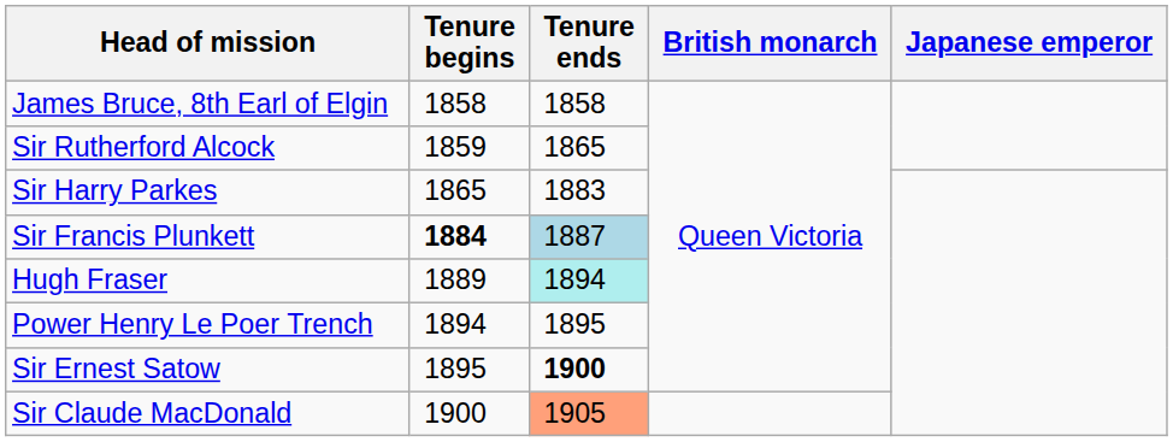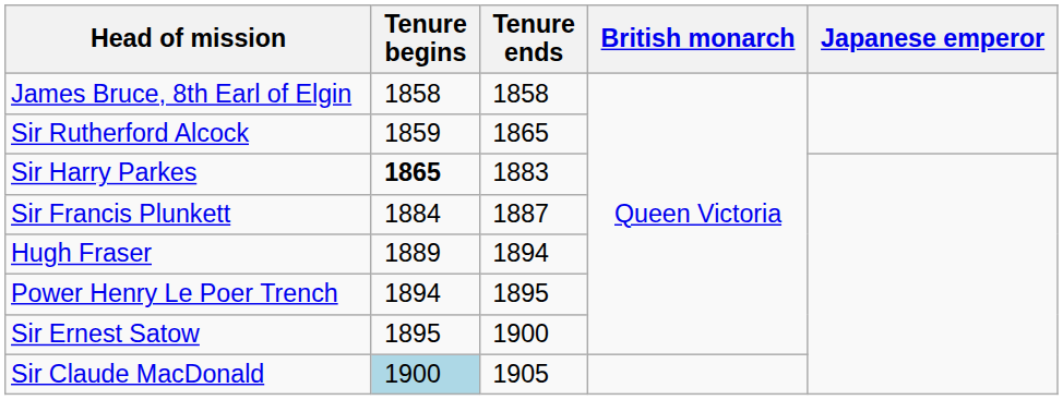 <table class="wikitable">
 <tr>
 <th>Head of mission</th>
 <th> Tenure <br> begins</th>
 <th> Tenure <br> ends</th>
 <th> <a href='#'>British monarch</a> </th>
 <th> <a href='#'>Japanese emperor</a> </th>
 </tr>
 <tr>
 <td><a href='#'>James&nbsp;Bruce,&nbsp;8th&nbsp;Earl&nbsp;of&nbsp;Elgin</a>  </td>
 <td> 1858</td>
 <td> 1858</td>
 <td rowspan="7" style="text-align:center;"><a href='#'>Queen Victoria</a></td>
 <td rowspan="2"></td>
 </tr>
 <tr>
 <td><a href='#'>Sir Rutherford Alcock</a></td>
 <td> 1859</td>
 <td> 1865</td>
 </tr>
 <tr>
 <td><a href='#'>Sir Harry Parkes</a></td>
-<td> 1865</td>
+<td><strong> 1865</strong></td>
 <td> 1883</td>
 <td rowspan="6"></td>
 </tr>
 <tr>
 <td><a href='#'>Sir Francis Plunkett</a></td>
-<td><strong> 1884</strong></td>
-<td style="background: lightblue;"> 1887</td>
+<td> 1884</td>
+<td> 1887</td>
 </tr>
 <tr>
 <td><a href='#'>Hugh Fraser</a></td>
 <td> 1889</td>
-<td style="background: paleturquoise;"> 1894</td>
+<td> 1894</td>
 </tr>
 <tr>
 <td><a href='#'>Power Henry Le Poer&nbsp;Trench</a></td>
 <td> 1894</td>
 <td> 1895</td>
 </tr>
 <tr>
 <td><a href='#'>Sir Ernest Satow</a></td>
 <td> 1895</td>
-<td><strong> 1900</strong></td>
+<td> 1900</td>
 </tr>
 <tr>
 <td><a href='#'>Sir Claude MacDonald</a></td>
-<td> 1900</td>
-<td style="background: lightsalmon;"> 1905</td>
+<td style="background: lightblue;"> 1900</td>
+<td> 1905</td>
 <td></td>
 </tr>
 </table>
